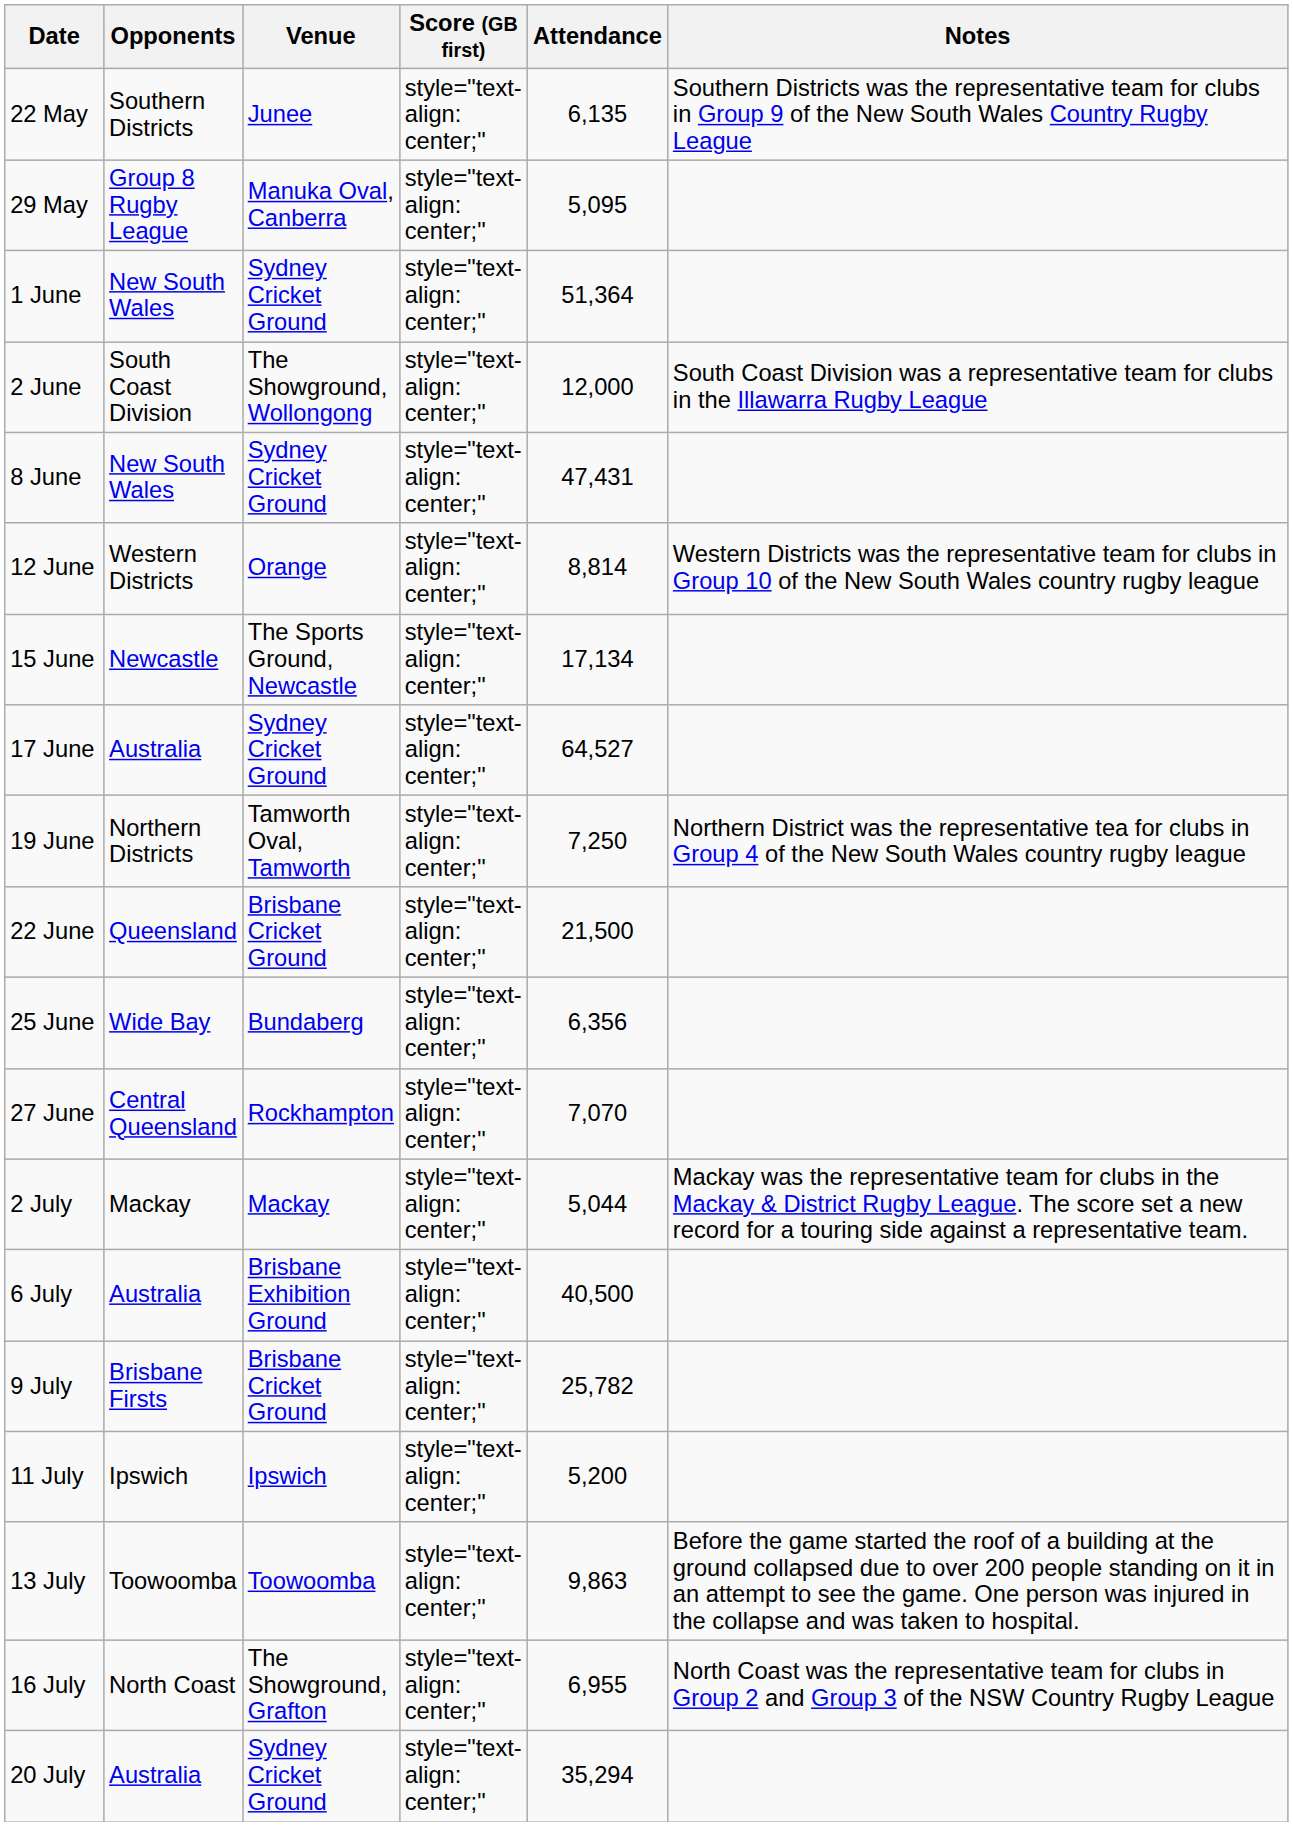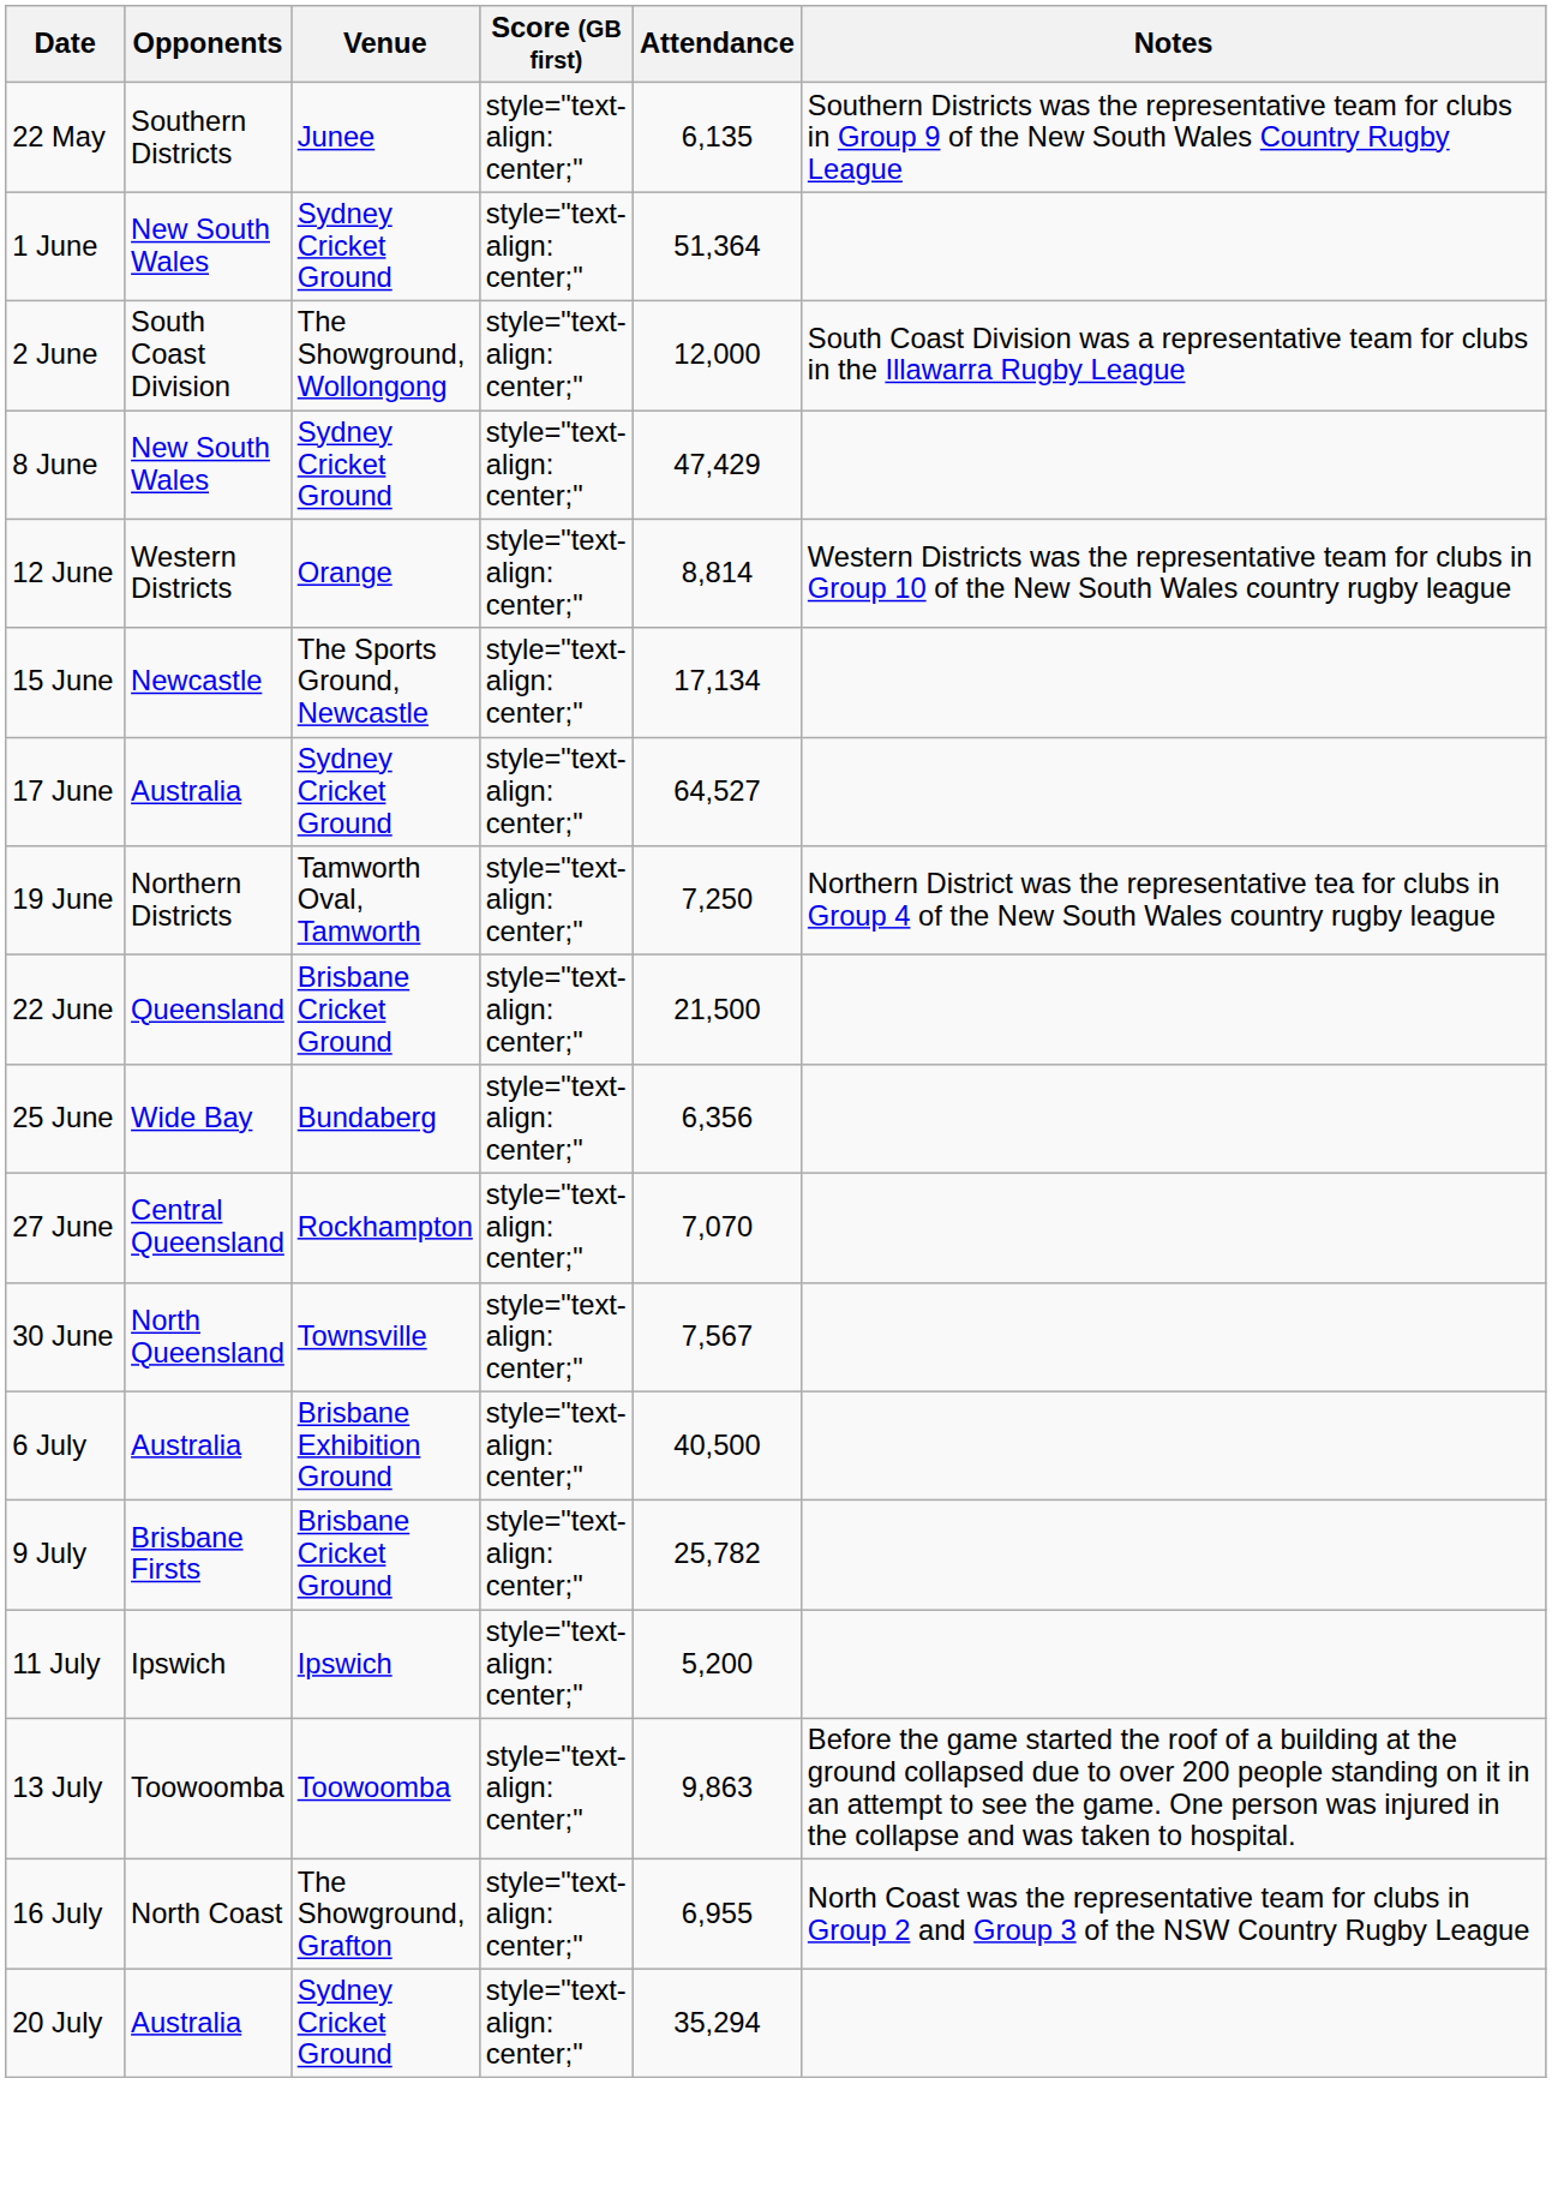 <table class="wikitable">
 <tr>
 <th style="width: 8%;">Date</th>
 <th style="width: 10%;">Opponents</th>
 <th style="width: 10%;">Venue</th>
 <th style="width: 10%;">Score <small>(GB first)</small></th>
 <th style="width: 10%;">Attendance</th>
 <th style="width: 52%;">Notes</th>
 </tr>
 <tr>
 <td>22 May</td>
 <td>Southern Districts</td>
 <td><a href='#'>Junee</a></td>
 <td>style="text-align: center;"  </td>
 <td style="text-align: center;">6,135</td>
 <td>Southern Districts was the representative team for clubs in <a href='#'>Group 9</a> of the New South Wales <a href='#'>Country Rugby League</a></td>
-</tr>
-<tr>
-<td>29 May</td>
-<td><a href='#'>Group 8 Rugby League</a></td>
-<td><a href='#'>Manuka Oval</a>, <a href='#'>Canberra</a></td>
-<td>style="text-align: center;"  </td>
-<td style="text-align: center;">5,095</td>
-<td></td>
 </tr>
 <tr>
 <td>1 June</td>
 <td><a href='#'>New South Wales</a></td>
 <td><a href='#'>Sydney Cricket Ground</a></td>
 <td>style="text-align: center;"  </td>
 <td style="text-align: center;">51,364</td>
 <td></td>
 </tr>
 <tr>
 <td>2 June</td>
 <td>South Coast Division</td>
 <td>The Showground, <a href='#'>Wollongong</a></td>
 <td>style="text-align: center;"  </td>
 <td style="text-align: center;">12,000</td>
 <td>South Coast Division was a representative team for clubs in the <a href='#'>Illawarra Rugby League</a></td>
 </tr>
 <tr>
 <td>8 June</td>
 <td><a href='#'>New South Wales</a></td>
 <td><a href='#'>Sydney Cricket Ground</a></td>
 <td>style="text-align: center;"  </td>
-<td style="text-align: center;">47,431</td>
+<td style="text-align: center;">47,429</td>
 <td></td>
 </tr>
 <tr>
 <td>12 June</td>
 <td>Western Districts</td>
 <td><a href='#'>Orange</a></td>
 <td>style="text-align: center;"  </td>
 <td style="text-align: center;">8,814</td>
 <td>Western Districts was the representative team for clubs in <a href='#'>Group 10</a> of the New South Wales country rugby league</td>
 </tr>
 <tr>
 <td>15  June</td>
 <td><a href='#'>Newcastle</a></td>
 <td>The Sports Ground, <a href='#'>Newcastle</a></td>
 <td>style="text-align: center;"  </td>
 <td style="text-align: center;">17,134</td>
 <td></td>
 </tr>
 <tr>
 <td>17 June</td>
 <td><a href='#'>Australia</a></td>
 <td><a href='#'>Sydney Cricket Ground</a></td>
 <td>style="text-align: center;"  </td>
 <td style="text-align: center;">64,527</td>
 <td></td>
 </tr>
 <tr>
 <td>19 June</td>
 <td>Northern Districts</td>
 <td>Tamworth Oval, <a href='#'>Tamworth</a></td>
 <td>style="text-align: center;"  </td>
 <td style="text-align: center;">7,250</td>
 <td>Northern District was the representative tea for clubs in <a href='#'>Group 4</a> of the New South Wales country rugby league</td>
 </tr>
 <tr>
 <td>22 June</td>
 <td><a href='#'>Queensland</a></td>
 <td><a href='#'>Brisbane Cricket Ground</a></td>
 <td>style="text-align: center;"  </td>
 <td style="text-align: center;">21,500</td>
 <td></td>
 </tr>
 <tr>
 <td>25 June</td>
 <td><a href='#'>Wide Bay</a></td>
 <td><a href='#'>Bundaberg</a></td>
 <td>style="text-align: center;"  </td>
 <td style="text-align: center;">6,356</td>
 <td></td>
 </tr>
 <tr>
 <td>27 June</td>
 <td><a href='#'>Central Queensland</a></td>
 <td><a href='#'>Rockhampton</a></td>
 <td>style="text-align: center;"  </td>
 <td style="text-align: center;">7,070</td>
 <td></td>
 </tr>
 <tr>
-<td>2 July</td>
-<td>Mackay</td>
-<td><a href='#'>Mackay</a></td>
+<td>30 June</td>
+<td><a href='#'>North Queensland</a></td>
+<td><a href='#'>Townsville</a></td>
 <td>style="text-align: center;"  </td>
-<td style="text-align: center;">5,044</td>
-<td>Mackay was the representative team for clubs in the <a href='#'>Mackay & District Rugby League</a>. The score set a new record for a touring side against a representative team.</td>
+<td style="text-align: center;">7,567</td>
+<td></td>
 </tr>
 <tr>
 <td>6 July</td>
 <td><a href='#'>Australia</a></td>
 <td><a href='#'>Brisbane Exhibition Ground</a></td>
 <td>style="text-align: center;"  </td>
 <td style="text-align: center;">40,500</td>
 <td></td>
 </tr>
 <tr>
 <td>9 July</td>
 <td><a href='#'>Brisbane Firsts</a></td>
 <td><a href='#'>Brisbane Cricket Ground</a></td>
 <td>style="text-align: center;"  </td>
 <td style="text-align: center;">25,782</td>
 <td></td>
 </tr>
 <tr>
 <td>11 July</td>
 <td>Ipswich</td>
 <td><a href='#'>Ipswich</a></td>
 <td>style="text-align: center;"  </td>
 <td style="text-align: center;">5,200</td>
 <td></td>
 </tr>
 <tr>
 <td>13 July</td>
 <td>Toowoomba</td>
 <td><a href='#'>Toowoomba</a></td>
 <td>style="text-align: center;"  </td>
 <td style="text-align: center;">9,863</td>
 <td>Before the game started the roof of a building at the ground collapsed due to over 200 people standing on it in an attempt to see the game.  One person was injured in the collapse and was taken to hospital.</td>
 </tr>
 <tr>
 <td>16 July</td>
 <td>North Coast</td>
 <td>The Showground, <a href='#'>Grafton</a></td>
 <td>style="text-align: center;"  </td>
 <td style="text-align: center;">6,955</td>
 <td>North Coast was the representative team for clubs in <a href='#'>Group 2</a> and <a href='#'>Group 3</a> of the NSW Country Rugby League</td>
 </tr>
 <tr>
 <td>20 July</td>
 <td><a href='#'>Australia</a></td>
 <td><a href='#'>Sydney Cricket Ground</a></td>
 <td>style="text-align: center;"  </td>
 <td style="text-align: center;">35,294</td>
 <td></td>
 </tr>
 </table>
